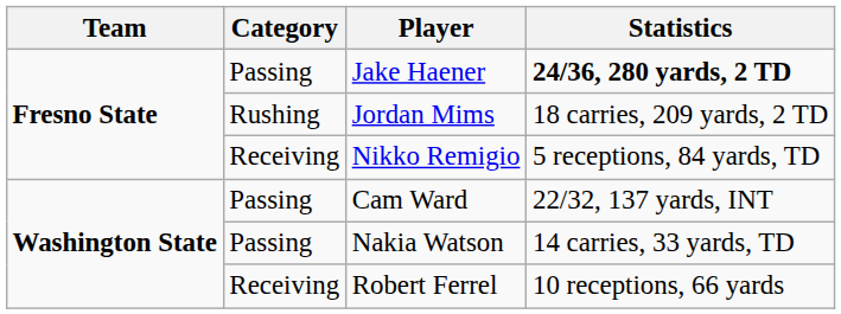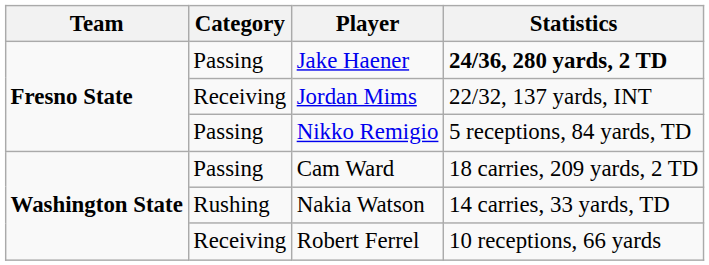 <table class="wikitable" style="float: right;">
 <tr>
 <th>Team</th>
 <th>Category</th>
 <th>Player</th>
 <th>Statistics</th>
 </tr>
 <tr>
 <td rowspan=3><strong>Fresno State</strong></td>
 <td>Passing</td>
 <td><a href='#'>Jake Haener</a></td>
 <td><strong>24/36, 280 yards, 2 TD</strong></td>
 </tr>
 <tr>
-<td>Rushing</td>
+<td>Receiving</td>
 <td><a href='#'>Jordan Mims</a></td>
-<td>18 carries, 209 yards, 2 TD</td>
+<td>22/32, 137 yards, INT</td>
 </tr>
 <tr>
-<td>Receiving</td>
+<td>Passing</td>
 <td><a href='#'>Nikko Remigio</a></td>
 <td>5 receptions, 84 yards, TD</td>
 </tr>
 <tr>
 <td rowspan=3><strong>Washington State</strong></td>
 <td>Passing</td>
 <td>Cam Ward</td>
-<td>22/32, 137 yards, INT</td>
+<td>18 carries, 209 yards, 2 TD</td>
 </tr>
 <tr>
-<td>Passing</td>
+<td>Rushing</td>
 <td>Nakia Watson</td>
 <td>14 carries, 33 yards, TD</td>
 </tr>
 <tr>
 <td>Receiving</td>
 <td>Robert Ferrel</td>
 <td>10 receptions, 66 yards</td>
 </tr>
 </table>
